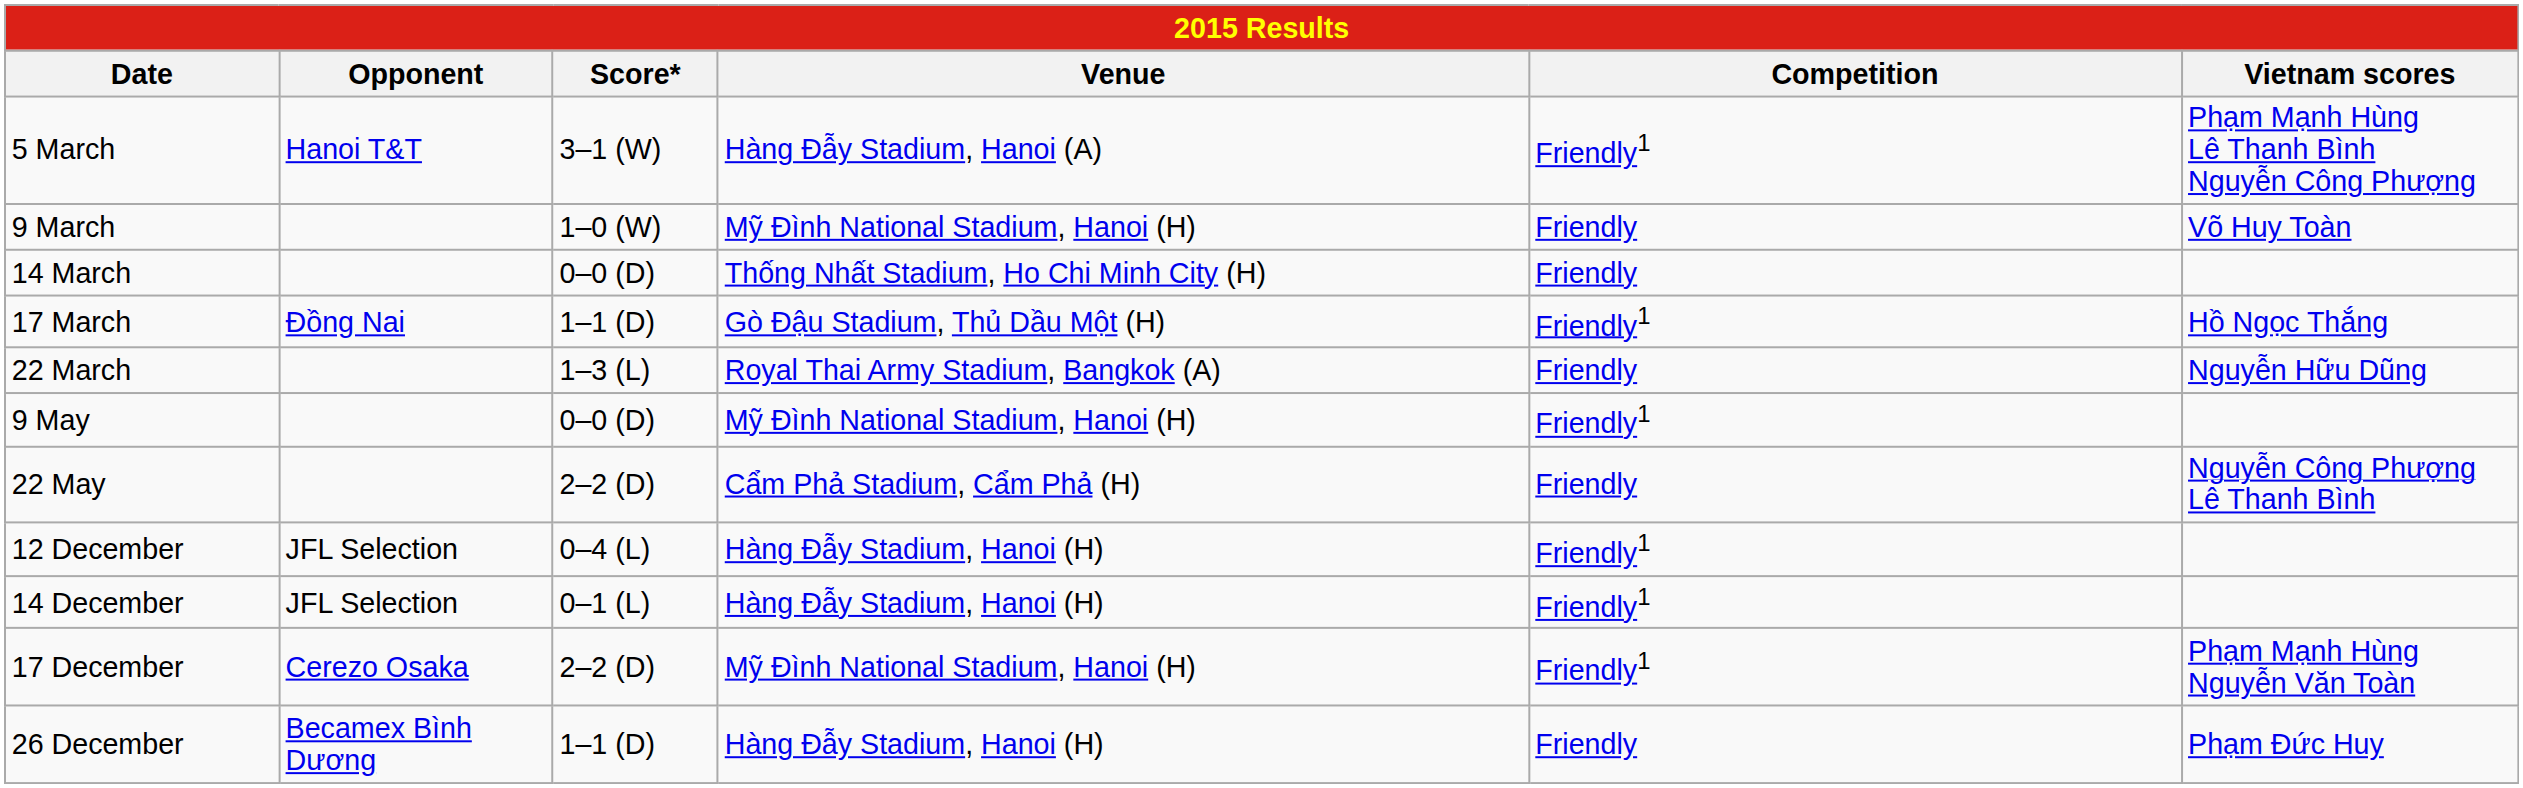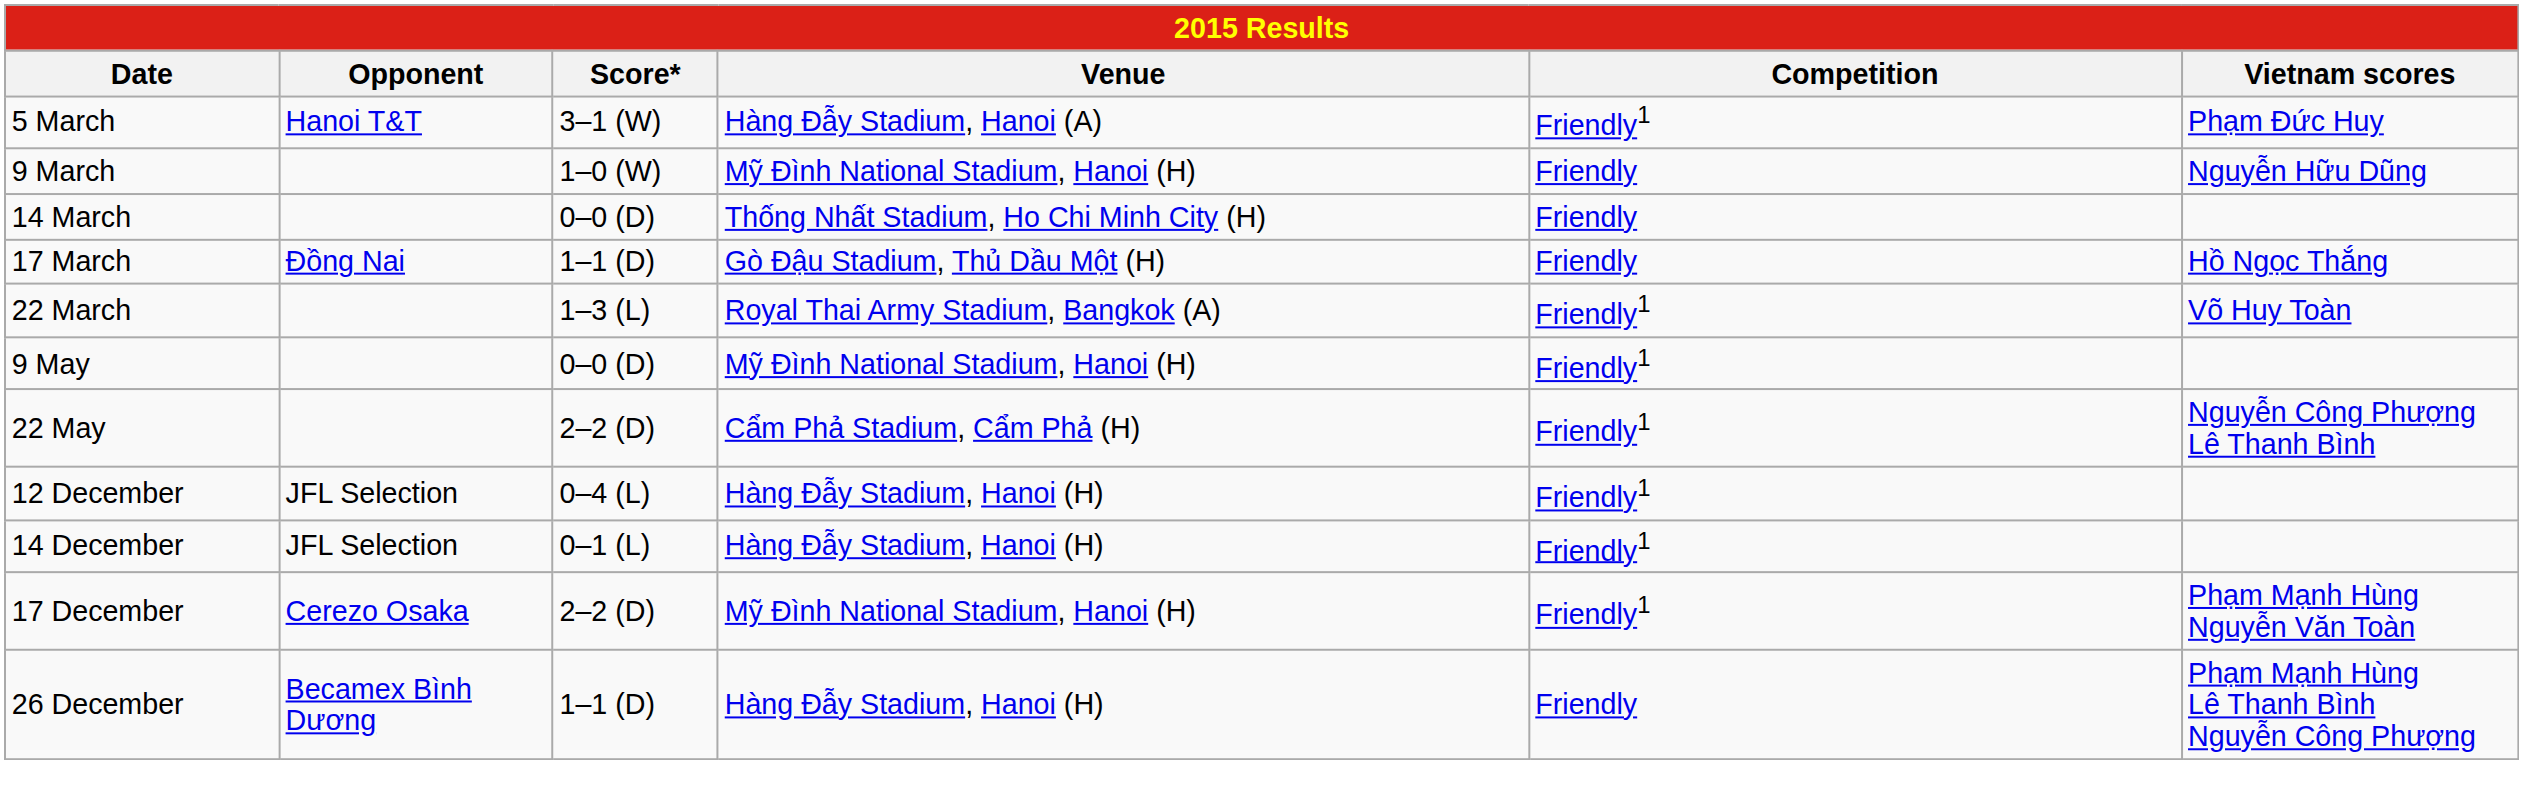 <table class="wikitable" width=100% style="text-align:left;font-size:90%;">
 <tr>
 <th colspan=9 style="background: #DB2017; color: #FFFF00;">2015 Results</th>
 </tr>
 <tr>
 <th width=80>Date</th>
 <th width=80>Opponent</th>
 <th width=20>Score*</th>
 <th width=250>Venue</th>
 <th width=200>Competition</th>
 <th width=100>Vietnam scores</th>
 </tr>
 <tr>
 <td>5 March</td>
 <td> <a href='#'>Hanoi T&T</a></td>
 <td>3–1 (W)</td>
 <td><a href='#'>Hàng Đẫy Stadium</a>, <a href='#'>Hanoi</a> (A)</td>
 <td><a href='#'>Friendly</a><sup>1</sup></td>
-<td><a href='#'>Phạm Mạnh Hùng</a> <br><a href='#'>Lê Thanh Bình</a> <br><a href='#'>Nguyễn Công Phượng</a> </td>
+<td><a href='#'>Phạm Đức Huy</a> </td>
 </tr>
 <tr>
 <td>9 March</td>
 <td></td>
 <td>1–0 (W)</td>
 <td><a href='#'>Mỹ Đình National Stadium</a>, <a href='#'>Hanoi</a> (H)</td>
 <td><a href='#'>Friendly</a></td>
-<td><a href='#'>Võ Huy Toàn</a> </td>
+<td><a href='#'>Nguyễn Hữu Dũng</a> </td>
 </tr>
 <tr>
 <td>14 March</td>
 <td></td>
 <td>0–0 (D)</td>
 <td><a href='#'>Thống Nhất Stadium</a>, <a href='#'>Ho Chi Minh City</a> (H)</td>
 <td><a href='#'>Friendly</a></td>
 <td></td>
 </tr>
 <tr>
 <td>17 March</td>
 <td> <a href='#'>Đồng Nai</a></td>
 <td>1–1 (D)</td>
 <td><a href='#'>Gò Đậu Stadium</a>, <a href='#'>Thủ Dầu Một</a> (H)</td>
-<td><a href='#'>Friendly</a><sup>1</sup></td>
+<td><a href='#'>Friendly</a></td>
 <td><a href='#'>Hồ Ngọc Thắng</a> </td>
 </tr>
 <tr>
 <td>22 March</td>
 <td></td>
 <td>1–3 (L)</td>
 <td><a href='#'>Royal Thai Army Stadium</a>, <a href='#'>Bangkok</a> (A)</td>
-<td><a href='#'>Friendly</a></td>
-<td><a href='#'>Nguyễn Hữu Dũng</a> </td>
+<td><a href='#'>Friendly</a><sup>1</sup></td>
+<td><a href='#'>Võ Huy Toàn</a> </td>
 </tr>
 <tr>
 <td>9 May</td>
 <td></td>
 <td>0–0 (D)</td>
 <td><a href='#'>Mỹ Đình National Stadium</a>, <a href='#'>Hanoi</a> (H)</td>
 <td><a href='#'>Friendly</a><sup>1</sup></td>
 <td></td>
 </tr>
 <tr>
 <td>22 May</td>
 <td></td>
 <td>2–2 (D)</td>
 <td><a href='#'>Cẩm Phả Stadium</a>, <a href='#'>Cẩm Phả</a> (H)</td>
-<td><a href='#'>Friendly</a></td>
+<td><a href='#'>Friendly</a><sup>1</sup></td>
 <td><a href='#'>Nguyễn Công Phượng</a> <br><a href='#'>Lê Thanh Bình</a> </td>
 </tr>
 <tr>
 <td>12 December</td>
 <td> JFL Selection</td>
 <td>0–4 (L)</td>
 <td><a href='#'>Hàng Đẫy Stadium</a>, <a href='#'>Hanoi</a> (H)</td>
 <td><a href='#'>Friendly</a><sup>1</sup></td>
 <td></td>
 </tr>
 <tr>
 <td>14 December</td>
 <td> JFL Selection</td>
 <td>0–1 (L)</td>
 <td><a href='#'>Hàng Đẫy Stadium</a>, <a href='#'>Hanoi</a> (H)</td>
 <td><a href='#'>Friendly</a><sup>1</sup></td>
 <td></td>
 </tr>
 <tr>
 <td>17 December</td>
 <td> <a href='#'>Cerezo Osaka</a></td>
 <td>2–2 (D)</td>
 <td><a href='#'>Mỹ Đình National Stadium</a>, <a href='#'>Hanoi</a> (H)</td>
 <td><a href='#'>Friendly</a><sup>1</sup></td>
 <td><a href='#'>Phạm Mạnh Hùng</a> <br><a href='#'>Nguyễn Văn Toàn</a> </td>
 </tr>
 <tr>
 <td>26 December</td>
 <td> <a href='#'>Becamex Bình Dương</a></td>
 <td>1–1 (D)</td>
 <td><a href='#'>Hàng Đẫy Stadium</a>, <a href='#'>Hanoi</a> (H)</td>
 <td><a href='#'>Friendly</a></td>
-<td><a href='#'>Phạm Đức Huy</a> </td>
+<td><a href='#'>Phạm Mạnh Hùng</a> <br><a href='#'>Lê Thanh Bình</a> <br><a href='#'>Nguyễn Công Phượng</a> </td>
 </tr>
 </table>
